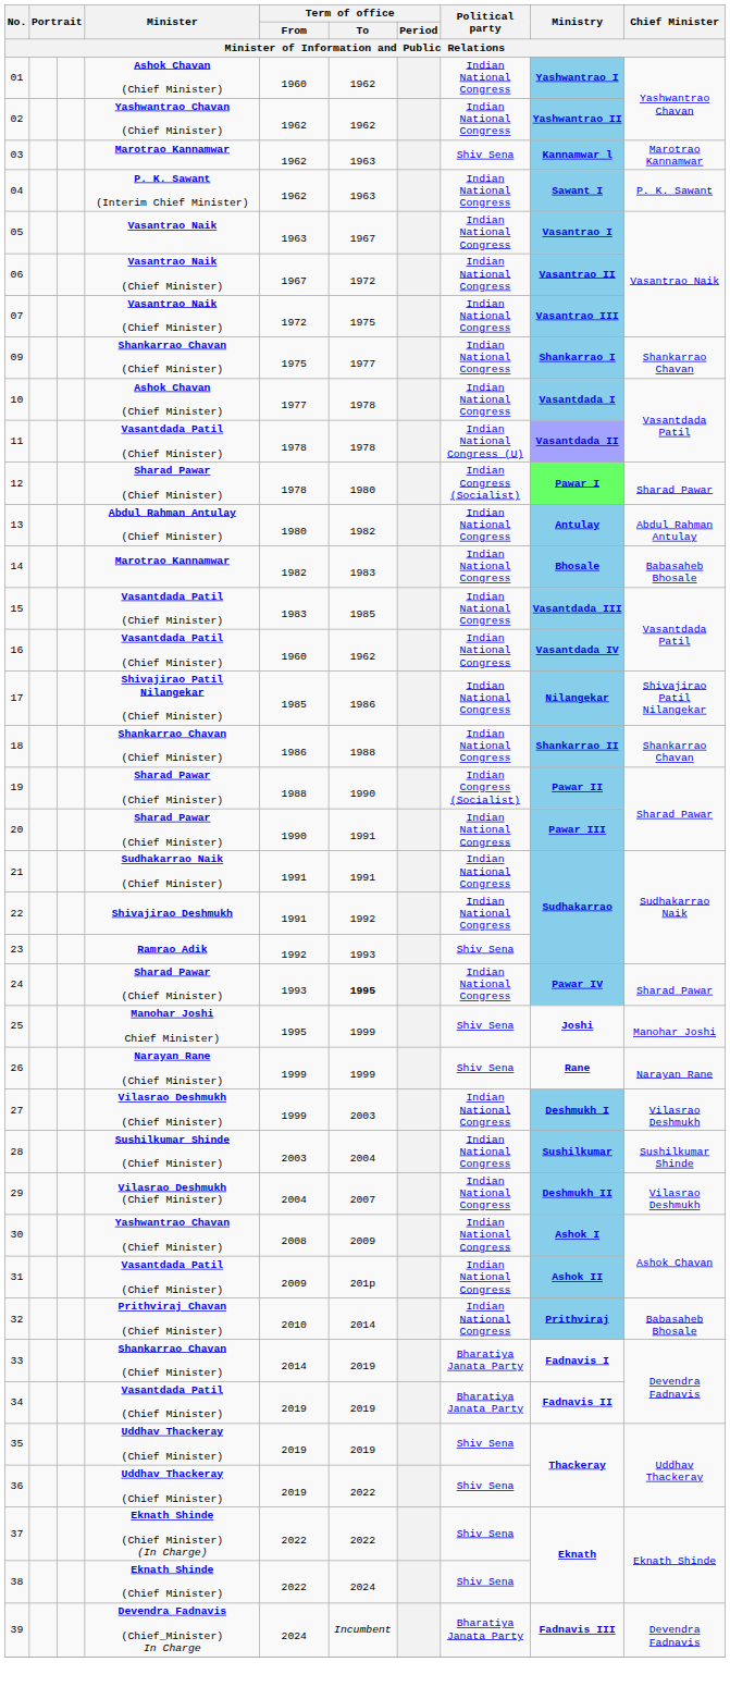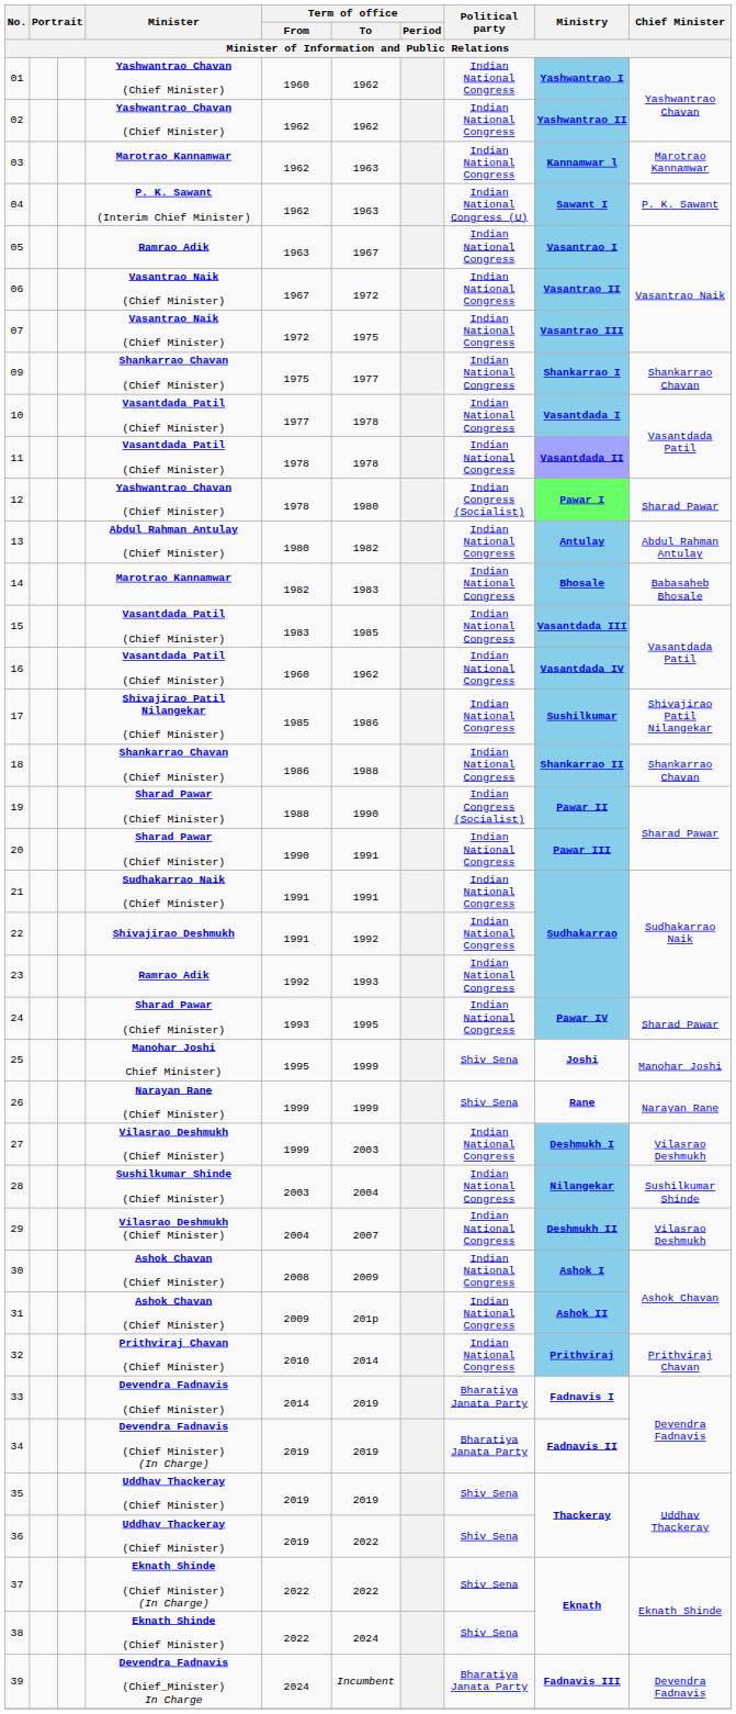 <table class="wikitable" style="text-align:center">
 <tr>
 <th rowspan="2">No.</th>
 <th rowspan="2" colspan="2">Portrait</th>
 <th rowspan="2" style="width:16em">Minister<br></th>
 <th colspan="3">Term of office</th>
 <th rowspan="2" style="width:8em">Political party</th>
 <th rowspan="2">Ministry</th>
 <th rowspan="2" style="width:9em">Chief Minister</th>
 </tr>
 <tr>
 <th style="width:6em">From</th>
 <th style="width:6em">To</th>
 <th>Period</th>
 </tr>
 <tr>
 <th colspan="10">Minister of Information and Public Relations</th>
 </tr>
 <tr>
 <td>01</td>
 <td style="color:inherit;background:"></td>
 <td></td>
-<td><strong><a href='#'>Ashok Chavan</a></strong> <br> <br>(Chief Minister)</td>
+<td><strong><a href='#'>Yashwantrao Chavan</a></strong> <br> <br>(Chief Minister)</td>
 <td><br>1960</td>
 <td><br>1962</td>
 <th></th>
 <td><a href='#'>Indian National Congress</a></td>
 <td bgcolor="#87CEEB"><a href='#'><strong>Yashwantrao I</strong></a></td>
 <td rowspan="2"> <br><a href='#'>Yashwantrao Chavan</a></td>
 </tr>
 <tr>
 <td>02</td>
 <td style="color:inherit;background:"></td>
 <td></td>
 <td><strong><a href='#'>Yashwantrao Chavan</a></strong> <br>  <br>(Chief Minister)</td>
 <td><br>1962</td>
 <td><br>1962</td>
 <th></th>
 <td><a href='#'>Indian National Congress</a></td>
 <td bgcolor="#87CEEB"><a href='#'><strong>Yashwantrao II</strong></a></td>
 </tr>
 <tr>
 <td>03</td>
 <td style="color:inherit;background:"></td>
 <td></td>
 <td><strong><a href='#'>Marotrao Kannamwar</a></strong> <br><br> </td>
 <td><br>1962</td>
 <td><br>1963</td>
 <th></th>
-<td><a href='#'>Shiv Sena</a></td>
+<td><a href='#'>Indian National Congress</a></td>
 <td bgcolor="#87CEEB"><a href='#'><strong>Kannamwar l</strong></a></td>
 <td><a href='#'>Marotrao Kannamwar</a></td>
 </tr>
 <tr>
 <td>04</td>
 <td style="color:inherit;background:"></td>
 <td></td>
 <td><strong><a href='#'>P. K. Sawant</a></strong> <br>  <br>(Interim Chief Minister)</td>
 <td><br>1962</td>
 <td><br>1963</td>
 <th></th>
-<td><a href='#'>Indian National Congress</a></td>
+<td><a href='#'>Indian National Congress (U)</a></td>
 <td bgcolor="#87CEEB"><a href='#'><strong>Sawant I</strong></a></td>
 <td><a href='#'>P. K. Sawant</a></td>
 </tr>
 <tr>
 <td>05</td>
 <td style="color:inherit;background:"></td>
 <td></td>
-<td rowspan="01"><strong><a href='#'>Vasantrao Naik</a></strong><br><br> </td>
+<td><strong><a href='#'>Ramrao Adik</a></strong> <br> </td>
 <td><br>1963</td>
 <td><br>1967</td>
 <th></th>
 <td><a href='#'>Indian National Congress</a></td>
 <td bgcolor="#87CEEB"><a href='#'><strong>Vasantrao I</strong></a></td>
 <td rowspan="3"><br><a href='#'>Vasantrao Naik</a></td>
 </tr>
 <tr>
 <td>06</td>
 <td style="color:inherit;background:"></td>
 <td></td>
 <td><strong><a href='#'>Vasantrao Naik</a></strong> <br> <br>(Chief Minister)</td>
 <td><br>1967</td>
 <td><br>1972</td>
 <th></th>
 <td><a href='#'>Indian National Congress</a></td>
 <td rowspan="1" bgcolor="#87CEEB"><a href='#'><strong>Vasantrao II</strong></a></td>
 </tr>
 <tr>
 <td>07</td>
 <td style="color:inherit;background:"></td>
 <td></td>
 <td><strong><a href='#'>Vasantrao Naik</a></strong> <br> <br>(Chief Minister)</td>
 <td><br>1972</td>
 <td><br>1975</td>
 <th></th>
 <td><a href='#'>Indian National Congress</a></td>
 <td bgcolor="#87CEEB"><a href='#'><strong>Vasantrao III</strong></a></td>
 </tr>
 <tr>
 <td>09</td>
 <td style="color:inherit;background:"></td>
 <td></td>
 <td><strong><a href='#'>Shankarrao Chavan</a></strong> <br> <br>(Chief Minister)</td>
 <td><br>1975</td>
 <td><br>1977</td>
 <th></th>
 <td><a href='#'>Indian National Congress</a></td>
 <td bgcolor="#87CEEB"><a href='#'><strong>Shankarrao I</strong></a></td>
 <td><br><a href='#'>Shankarrao Chavan</a></td>
 </tr>
 <tr>
 <td>10</td>
 <td style="color:inherit;background:"></td>
 <td></td>
-<td><strong><a href='#'>Ashok Chavan</a></strong> <br> <br>(Chief Minister)</td>
+<td><strong><a href='#'>Vasantdada Patil</a></strong> <br> <br>(Chief Minister)</td>
 <td><br>1977</td>
 <td><br>1978</td>
 <th></th>
 <td><a href='#'>Indian National Congress</a></td>
 <td rowspan="1" bgcolor="#88CEEB"><a href='#'><strong>Vasantdada I</strong></a></td>
 <td rowspan="2"><br><a href='#'>Vasantdada Patil</a></td>
 </tr>
 <tr>
 <td>11</td>
 <td style="color:inherit;background:"></td>
 <td></td>
 <td><strong><a href='#'>Vasantdada Patil</a></strong> <br>  <br>(Chief Minister)</td>
 <td><br>1978</td>
 <td><br>1978</td>
 <th></th>
-<td><a href='#'>Indian National Congress (U)</a></td>
+<td><a href='#'>Indian National Congress</a></td>
 <td bgcolor="#A3A3FF"><a href='#'><strong>Vasantdada II</strong></a></td>
 </tr>
 <tr>
 <td>12</td>
 <td style="color:inherit;background:"></td>
 <td></td>
-<td><strong><a href='#'>Sharad Pawar</a></strong> <br> <br> (Chief Minister)</td>
+<td><strong><a href='#'>Yashwantrao Chavan</a></strong> <br>  <br>(Chief Minister)</td>
 <td><br>1978</td>
 <td><br>1980</td>
 <th></th>
 <td><a href='#'>Indian Congress (Socialist)</a></td>
 <td rowspan="1" bgcolor="#66FF66"><a href='#'><strong>Pawar I</strong></a></td>
 <td rowspan="1"><br><a href='#'>Sharad Pawar</a></td>
 </tr>
 <tr>
 <td>13</td>
 <td style="color:inherit;background:"></td>
 <td></td>
 <td><strong><a href='#'>Abdul Rahman Antulay</a></strong> <br> <br>(Chief Minister)</td>
 <td><br>1980</td>
 <td><br>1982</td>
 <th></th>
 <td><a href='#'>Indian National Congress</a></td>
 <td bgcolor="#87CEEB"><a href='#'><strong>Antulay</strong></a></td>
 <td rowspan="1"> <br><a href='#'>Abdul Rahman Antulay</a></td>
 </tr>
 <tr>
 <td>14</td>
 <td style="color:inherit;background:"></td>
 <td></td>
 <td><strong><a href='#'>Marotrao Kannamwar</a></strong> <br><br> </td>
 <td><br>1982</td>
 <td><br>1983</td>
 <th></th>
 <td><a href='#'>Indian National Congress</a></td>
 <td bgcolor="#87CEEB"><a href='#'><strong>Bhosale</strong></a></td>
 <td rowspan="1"> <br><a href='#'>Babasaheb Bhosale</a></td>
 </tr>
 <tr>
 <td>15</td>
 <td style="color:inherit;background:"></td>
 <td></td>
 <td><strong><a href='#'>Vasantdada Patil</a></strong> <br>  <br>(Chief Minister)</td>
 <td><br>1983</td>
 <td><br>1985</td>
 <th></th>
 <td><a href='#'>Indian National Congress</a></td>
 <td bgcolor="#87CEEB"><a href='#'><strong>Vasantdada III</strong></a></td>
 <td rowspan="2"><br><a href='#'>Vasantdada Patil</a></td>
 </tr>
 <tr>
 <td>16</td>
 <td style="color:inherit;background:"></td>
 <td></td>
 <td><strong><a href='#'>Vasantdada Patil</a></strong> <br> <br>(Chief Minister)</td>
 <td><br>1960</td>
 <td><br>1962</td>
 <th></th>
 <td><a href='#'>Indian National Congress</a></td>
 <td bgcolor="#87CEEB"><a href='#'><strong>Vasantdada IV</strong></a></td>
 </tr>
 <tr>
 <td>17</td>
 <td style="color:inherit;background:"></td>
 <td></td>
 <td><strong><a href='#'>Shivajirao Patil Nilangekar</a></strong> <br> <br>(Chief Minister)</td>
 <td><br>1985</td>
 <td><br>1986</td>
 <th></th>
 <td><a href='#'>Indian National Congress</a></td>
-<td bgcolor="#87CEEB"><a href='#'><strong>Nilangekar</strong></a></td>
+<td rowspan="1" bgcolor="#87CEEB"><a href='#'><strong>Sushilkumar</strong></a></td>
 <td><a href='#'>Shivajirao Patil Nilangekar</a></td>
 </tr>
 <tr>
 <td>18</td>
 <td style="color:inherit;background:"></td>
 <td></td>
 <td><strong><a href='#'>Shankarrao Chavan</a></strong> <br> <br>(Chief Minister)</td>
 <td><br>1986</td>
 <td><br>1988</td>
 <th></th>
 <td><a href='#'>Indian National Congress</a></td>
 <td bgcolor="#87CEEB"><a href='#'><strong>Shankarrao II</strong></a></td>
 <td rowspan="1"> <br><a href='#'>Shankarrao Chavan</a></td>
 </tr>
 <tr>
 <td>19</td>
 <td style="color:inherit;background:"></td>
 <td></td>
 <td><strong><a href='#'>Sharad Pawar</a></strong> <br> <br> (Chief Minister)</td>
 <td><br>1988</td>
 <td><br>1990</td>
 <th></th>
 <td><a href='#'>Indian Congress (Socialist)</a></td>
 <td bgcolor="#87CEEB"><a href='#'><strong>Pawar II</strong></a></td>
 <td rowspan="2"> <br><a href='#'>Sharad Pawar</a></td>
 </tr>
 <tr>
 <td>20</td>
 <td style="color:inherit;background:"></td>
 <td></td>
 <td><strong><a href='#'>Sharad Pawar</a></strong> <br> <br> (Chief Minister)</td>
 <td><br>1990</td>
 <td><br>1991</td>
 <th></th>
 <td><a href='#'>Indian National Congress</a></td>
 <td bgcolor="#87CEEB"><a href='#'><strong>Pawar III</strong></a></td>
 </tr>
 <tr>
 <td>21</td>
 <td style="color:inherit;background:"></td>
 <td></td>
 <td><strong><a href='#'>Sudhakarrao Naik</a></strong> <br> <br>(Chief Minister)</td>
 <td><br>1991</td>
 <td><br>1991</td>
 <th></th>
 <td><a href='#'>Indian National Congress</a></td>
 <td rowspan="3" bgcolor="#87CEEB"><a href='#'><strong>Sudhakarrao</strong></a></td>
 <td rowspan="3"><a href='#'>Sudhakarrao Naik</a></td>
 </tr>
 <tr>
 <td>22</td>
 <td style="color:inherit;background:"></td>
 <td></td>
 <td><strong><a href='#'>Shivajirao Deshmukh</a></strong> <br> </td>
 <td><br>1991</td>
 <td><br>1992</td>
 <th></th>
 <td><a href='#'>Indian National Congress</a></td>
 </tr>
 <tr>
 <td>23</td>
 <td style="color:inherit;background:"></td>
 <td></td>
 <td><strong><a href='#'>Ramrao Adik</a></strong> <br> </td>
 <td><br>1992</td>
 <td><br>1993</td>
 <th></th>
-<td><a href='#'>Shiv Sena</a></td>
+<td><a href='#'>Indian National Congress</a></td>
 </tr>
 <tr>
 <td>24</td>
 <td style="color:inherit;background:"></td>
 <td></td>
 <td><strong><a href='#'>Sharad Pawar</a></strong> <br> <br>(Chief Minister)</td>
 <td><br>1993</td>
-<td><strong><br>1995</strong></td>
+<td><br>1995</td>
 <th></th>
 <td><a href='#'>Indian National Congress</a></td>
 <td bgcolor="#87CEEB"><a href='#'><strong>Pawar IV</strong></a></td>
 <td> <br><a href='#'>Sharad Pawar</a></td>
 </tr>
 <tr>
 <td>25</td>
 <td style="color:inherit;background:"></td>
 <td></td>
 <td><strong><a href='#'>Manohar Joshi</a></strong><br>  <br>Chief Minister)</td>
 <td><br>1995</td>
 <td><br>1999</td>
 <th></th>
 <td><a href='#'>Shiv Sena</a></td>
 <td rowspan="1"><a href='#'><strong>Joshi</strong></a></td>
 <td rowspan="1"> <br><a href='#'>Manohar Joshi</a></td>
 </tr>
 <tr>
 <td>26</td>
 <td style="color:inherit;background:"></td>
 <td></td>
 <td><strong><a href='#'>Narayan Rane</a></strong><br>  <br>(Chief Minister)</td>
 <td><br>1999</td>
 <td><br>1999</td>
 <th></th>
 <td><a href='#'>Shiv Sena</a></td>
 <td><a href='#'><strong>Rane</strong></a></td>
 <td> <br><a href='#'>Narayan Rane</a></td>
 </tr>
 <tr>
 <td>27</td>
 <td style="color:inherit;background:"></td>
 <td></td>
 <td><strong><a href='#'>Vilasrao Deshmukh</a></strong><br>  <br>(Chief Minister)</td>
 <td><br>1999</td>
 <td><br>2003</td>
 <th></th>
 <td><a href='#'>Indian National Congress</a></td>
 <td rowspan="1" bgcolor="#87CEEB"><a href='#'><strong>Deshmukh I</strong></a></td>
 <td rowspan="1"> <br><a href='#'>Vilasrao Deshmukh</a></td>
 </tr>
 <tr>
 <td>28</td>
 <td style="color:inherit;background:"></td>
 <td></td>
 <td><strong><a href='#'>Sushilkumar Shinde</a></strong> <br> <br>(Chief Minister)</td>
 <td><br>2003</td>
 <td><br>2004</td>
 <th></th>
 <td><a href='#'>Indian National Congress</a></td>
-<td rowspan="1" bgcolor="#87CEEB"><a href='#'><strong>Sushilkumar</strong></a></td>
+<td bgcolor="#87CEEB"><a href='#'><strong>Nilangekar</strong></a></td>
 <td rowspan="1"> <br><a href='#'>Sushilkumar Shinde</a></td>
 </tr>
 <tr>
 <td>29</td>
 <td style="color:inherit;background:"></td>
 <td></td>
 <td><strong><a href='#'>Vilasrao Deshmukh</a></strong><br>  (Chief Minister)</td>
 <td><br>2004</td>
 <td><br>2007</td>
 <th></th>
 <td><a href='#'>Indian National Congress</a></td>
 <td bgcolor="#87CEEB"><a href='#'><strong>Deshmukh II</strong></a></td>
 <td> <br><a href='#'>Vilasrao Deshmukh</a></td>
 </tr>
 <tr>
 <td>30</td>
 <td style="color:inherit;background:"></td>
 <td></td>
-<td><strong><a href='#'>Yashwantrao Chavan</a></strong> <br> <br>(Chief Minister)</td>
+<td><strong><a href='#'>Ashok Chavan</a></strong> <br> <br>(Chief Minister)</td>
 <td><br>2008</td>
 <td><br>2009</td>
 <th></th>
 <td><a href='#'>Indian National Congress</a></td>
 <td bgcolor="#87CEEB"><a href='#'><strong>Ashok I</strong></a></td>
 <td rowspan="2"><br><a href='#'>Ashok Chavan</a></td>
 </tr>
 <tr>
 <td>31</td>
 <td style="color:inherit;background:"></td>
 <td></td>
-<td><strong><a href='#'>Vasantdada Patil</a></strong> <br> <br>(Chief Minister)</td>
+<td><strong><a href='#'>Ashok Chavan</a></strong> <br> <br>(Chief Minister)</td>
 <td><br>2009</td>
 <td><br>201p</td>
 <th></th>
 <td><a href='#'>Indian National Congress</a></td>
 <td bgcolor="#87CEEB"><a href='#'><strong>Ashok II</strong></a></td>
 </tr>
 <tr>
 <td>32</td>
 <td style="color:inherit;background:"></td>
 <td></td>
 <td><strong><a href='#'>Prithviraj Chavan</a></strong> <br> <br>(Chief Minister)</td>
 <td><br>2010</td>
 <td><br>2014</td>
 <th></th>
 <td><a href='#'>Indian National Congress</a></td>
 <td rowspan="1" bgcolor="#87CEEB"><a href='#'><strong>Prithviraj</strong></a></td>
-<td rowspan="1"> <br><a href='#'>Babasaheb Bhosale</a></td>
+<td rowspan="1"><br><a href='#'>Prithviraj Chavan</a></td>
 </tr>
 <tr>
 <td>33</td>
 <td style="color:inherit;background:"></td>
 <td></td>
-<td><strong><a href='#'>Shankarrao Chavan</a></strong> <br> <br>(Chief Minister)</td>
+<td><strong><a href='#'>Devendra Fadnavis</a></strong>  <br> <br>(Chief Minister)</td>
 <td><br>2014</td>
 <td><br>2019</td>
 <th></th>
 <td><a href='#'>Bharatiya Janata Party</a></td>
 <td rowspan="1"><a href='#'><strong>Fadnavis I</strong></a></td>
 <td rowspan="2"> <br><a href='#'>Devendra Fadnavis</a></td>
 </tr>
 <tr>
 <td>34</td>
 <td style="color:inherit;background:"></td>
 <td></td>
-<td><strong><a href='#'>Vasantdada Patil</a></strong> <br> <br>(Chief Minister)</td>
+<td><strong><a href='#'>Devendra Fadnavis</a></strong>  <br> <br>(Chief Minister) <br><em>(In Charge)</em></td>
 <td><br>2019</td>
 <td><br>2019</td>
 <th></th>
 <td><a href='#'>Bharatiya Janata Party</a></td>
 <td rowspan="1"><a href='#'><strong>Fadnavis II</strong></a></td>
 </tr>
 <tr>
 <td>35</td>
 <td style="color:inherit;background:"></td>
 <td></td>
 <td><strong><a href='#'>Uddhav Thackeray</a></strong> <br> <br>(Chief Minister)</td>
 <td><br>2019</td>
 <td><br>2019</td>
 <th></th>
 <td><a href='#'>Shiv Sena</a></td>
 <td rowspan="2"><a href='#'><strong>Thackeray</strong></a></td>
 <td rowspan="2"> <br><a href='#'>Uddhav Thackeray</a></td>
 </tr>
 <tr>
 <td>36</td>
 <td style="color:inherit;background:"></td>
 <td></td>
 <td><strong><a href='#'>Uddhav Thackeray</a></strong><br>  <br>(Chief Minister)</td>
 <td><br>2019</td>
 <td><br>2022</td>
 <th></th>
 <td><a href='#'>Shiv Sena</a></td>
 </tr>
 <tr>
 <td>37</td>
 <td style="color:inherit;background:"></td>
 <td></td>
 <td><strong><a href='#'>Eknath Shinde</a></strong> <br> <br>(Chief Minister) <br><em>(In Charge)</em></td>
 <td><br>2022</td>
 <td><br>2022</td>
 <th></th>
 <td><a href='#'>Shiv Sena</a></td>
 <td rowspan="2"><a href='#'><strong>Eknath</strong></a></td>
 <td rowspan="2"> <br><a href='#'>Eknath Shinde</a></td>
 </tr>
 <tr>
 <td>38</td>
 <td style="color:inherit;background:"></td>
 <td></td>
 <td><strong><a href='#'>Eknath Shinde</a></strong> <br> <br>(Chief Minister)</td>
 <td><br>2022</td>
 <td><br>2024</td>
 <th></th>
 <td><a href='#'>Shiv Sena</a></td>
 </tr>
 <tr>
 <td>39</td>
 <td style="color:inherit;background:"></td>
 <td></td>
 <td><strong><a href='#'>Devendra Fadnavis</a></strong>  <br> <br>(Chief_Minister) <br><em>In Charge</em></td>
 <td><br>2024</td>
 <td><em>Incumbent</em></td>
 <th></th>
 <td><a href='#'>Bharatiya Janata Party</a></td>
 <td rowspan="1"><a href='#'><strong>Fadnavis III</strong></a></td>
 <td rowspan="1"> <br><a href='#'>Devendra Fadnavis</a></td>
 </tr>
 <tr>
 </tr>
 </table>
